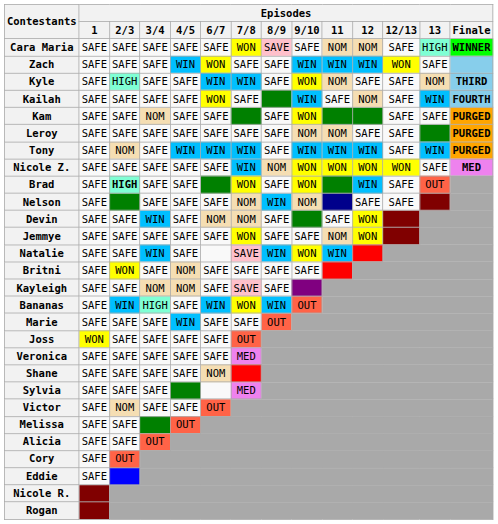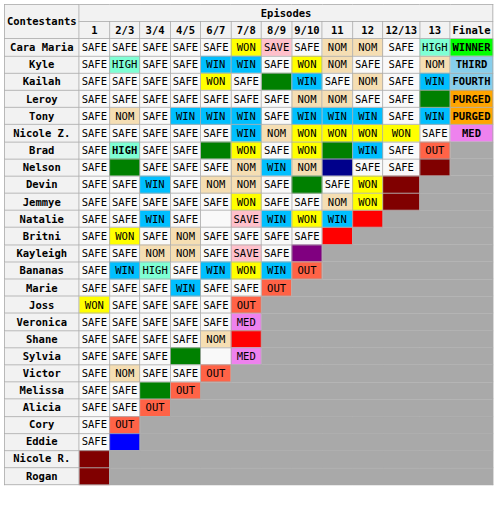 <table class="wikitable" style="text-align:center">
 <tr>
 <th rowspan=2;colspan=2>Contestants</th>
 <th colspan=13>Episodes</th>
 </tr>
 <tr>
 <th>1</th>
 <th>2/3</th>
 <th>3/4</th>
 <th>4/5</th>
 <th>6/7</th>
 <th>7/8</th>
 <th>8/9</th>
 <th>9/10</th>
 <th>11</th>
 <th>12</th>
 <th>12/13</th>
 <th>13</th>
 <th>Finale</th>
 </tr>
 <tr>
 <th nowrap>Cara Maria</th>
 <td>SAFE</td>
 <td>SAFE</td>
 <td>SAFE</td>
 <td>SAFE</td>
 <td>SAFE</td>
 <td bgcolor="yellow">WON</td>
 <td bgcolor="pink">SAVE</td>
 <td>SAFE</td>
 <td bgcolor="wheat">NOM</td>
 <td bgcolor="wheat">NOM</td>
 <td>SAFE</td>
 <td bgcolor="aquamarine">HIGH</td>
 <td bgcolor="lime"><strong>WINNER</strong></td>
 </tr>
 <tr>
-<th>Zach</th>
-<td>SAFE</td>
-<td>SAFE</td>
-<td>SAFE</td>
-<td bgcolor="deepskyblue">WIN</td>
-<td bgcolor="yellow">WON</td>
-<td>SAFE</td>
-<td>SAFE</td>
-<td bgcolor="deepskyblue">WIN</td>
-<td bgcolor="deepskyblue">WIN</td>
-<td bgcolor="deepskyblue">WIN</td>
-<td bgcolor="yellow">WON</td>
-<td>SAFE</td>
-<td bgcolor="skyblue"></td>
-</tr>
-<tr>
 <th>Kyle</th>
 <td>SAFE</td>
 <td bgcolor="aquamarine">HIGH</td>
 <td>SAFE</td>
 <td>SAFE</td>
 <td bgcolor="deepskyblue">WIN</td>
 <td bgcolor="deepskyblue">WIN</td>
 <td>SAFE</td>
 <td bgcolor="yellow">WON</td>
 <td bgcolor="wheat">NOM</td>
 <td>SAFE</td>
 <td>SAFE</td>
 <td bgcolor="wheat">NOM</td>
 <td bgcolor="skyblue"><strong>THIRD</strong></td>
 </tr>
 <tr>
 <th>Kailah</th>
 <td>SAFE</td>
 <td>SAFE</td>
 <td>SAFE</td>
 <td>SAFE</td>
 <td bgcolor="yellow">WON</td>
 <td>SAFE</td>
 <td bgcolor="green"></td>
 <td bgcolor="deepskyblue">WIN</td>
 <td>SAFE</td>
 <td bgcolor="wheat">NOM</td>
 <td>SAFE</td>
 <td bgcolor="deepskyblue">WIN</td>
 <td bgcolor="skyblue"><strong>FOURTH</strong></td>
-</tr>
-<tr>
-<th>Kam</th>
-<td>SAFE</td>
-<td>SAFE</td>
-<td bgcolor="wheat">NOM</td>
-<td>SAFE</td>
-<td>SAFE</td>
-<td bgcolor="green"></td>
-<td>SAFE</td>
-<td bgcolor="yellow">WON</td>
-<td bgcolor="green"></td>
-<td bgcolor="green"></td>
-<td>SAFE</td>
-<td>SAFE</td>
-<td bgcolor="orange"><strong>PURGED</strong></td>
 </tr>
 <tr>
 <th>Leroy</th>
 <td>SAFE</td>
 <td>SAFE</td>
 <td>SAFE</td>
 <td>SAFE</td>
 <td>SAFE</td>
 <td>SAFE</td>
 <td>SAFE</td>
 <td bgcolor="wheat">NOM</td>
 <td bgcolor="wheat">NOM</td>
 <td>SAFE</td>
 <td>SAFE</td>
 <td bgcolor="green"></td>
 <td bgcolor="orange"><strong>PURGED</strong></td>
 </tr>
 <tr>
 <th>Tony</th>
 <td>SAFE</td>
 <td bgcolor="wheat">NOM</td>
 <td>SAFE</td>
 <td bgcolor="deepskyblue">WIN</td>
 <td bgcolor="deepskyblue">WIN</td>
 <td bgcolor="deepskyblue">WIN</td>
 <td>SAFE</td>
 <td bgcolor="deepskyblue">WIN</td>
 <td bgcolor="deepskyblue">WIN</td>
 <td bgcolor="deepskyblue">WIN</td>
 <td>SAFE</td>
 <td bgcolor="deepskyblue">WIN</td>
 <td bgcolor="orange"><strong>PURGED</strong></td>
 </tr>
 <tr>
 <th>Nicole Z.</th>
 <td>SAFE</td>
 <td>SAFE</td>
 <td>SAFE</td>
 <td>SAFE</td>
 <td>SAFE</td>
 <td bgcolor="deepskyblue">WIN</td>
 <td bgcolor="wheat">NOM</td>
 <td bgcolor="yellow">WON</td>
 <td bgcolor="yellow">WON</td>
 <td bgcolor="yellow">WON</td>
 <td bgcolor="yellow">WON</td>
 <td>SAFE</td>
 <td bgcolor="violet"><strong>MED</strong></td>
 </tr>
 <tr>
 <th>Brad</th>
 <td>SAFE</td>
 <td bgcolor="aquamarine"><strong>HIGH</strong></td>
 <td>SAFE</td>
 <td>SAFE</td>
 <td bgcolor="green"></td>
 <td bgcolor="yellow">WON</td>
 <td>SAFE</td>
 <td bgcolor="yellow">WON</td>
 <td bgcolor="green"></td>
 <td bgcolor="deepskyblue">WIN</td>
 <td>SAFE</td>
 <td bgcolor="tomato">OUT</td>
 <td bgcolor="darkgray"></td>
 </tr>
 <tr>
 <th>Nelson</th>
 <td>SAFE</td>
 <td bgcolor="green"></td>
 <td>SAFE</td>
 <td>SAFE</td>
 <td>SAFE</td>
 <td bgcolor="wheat">NOM</td>
 <td bgcolor="deepskyblue">WIN</td>
 <td bgcolor="wheat">NOM</td>
 <td bgcolor="darkblue"></td>
 <td>SAFE</td>
 <td>SAFE</td>
 <td bgcolor="maroon"></td>
 <td bgcolor="darkgray"></td>
 </tr>
 <tr>
 <th>Devin</th>
 <td>SAFE</td>
 <td>SAFE</td>
 <td bgcolor="deepskyblue">WIN</td>
 <td>SAFE</td>
 <td bgcolor="wheat">NOM</td>
 <td bgcolor="wheat">NOM</td>
 <td>SAFE</td>
 <td bgcolor="green"></td>
 <td>SAFE</td>
 <td bgcolor="yellow">WON</td>
 <td bgcolor="maroon"></td>
 <td bgcolor="darkgray" colspan=2></td>
 </tr>
 <tr>
 <th>Jemmye</th>
 <td>SAFE</td>
 <td>SAFE</td>
 <td>SAFE</td>
 <td>SAFE</td>
 <td>SAFE</td>
 <td bgcolor="yellow">WON</td>
 <td>SAFE</td>
 <td>SAFE</td>
 <td bgcolor="wheat">NOM</td>
 <td bgcolor="yellow">WON</td>
 <td bgcolor="maroon"></td>
 <td bgcolor="darkgray" colspan=2></td>
 </tr>
 <tr>
 <th>Natalie</th>
 <td>SAFE</td>
 <td>SAFE</td>
 <td bgcolor="deepskyblue">WIN</td>
 <td>SAFE</td>
 <td></td>
 <td bgcolor="pink">SAVE</td>
 <td bgcolor="deepskyblue">WIN</td>
 <td bgcolor="yellow">WON</td>
 <td bgcolor="deepskyblue">WIN</td>
 <td bgcolor="red"></td>
 <td bgcolor="darkgray" colspan=3></td>
 </tr>
 <tr>
 <th>Britni</th>
 <td>SAFE</td>
 <td bgcolor="yellow">WON</td>
 <td>SAFE</td>
 <td bgcolor="wheat">NOM</td>
 <td>SAFE</td>
 <td>SAFE</td>
 <td>SAFE</td>
 <td>SAFE</td>
 <td bgcolor="red"></td>
 <td bgcolor="darkgray" colspan="4"></td>
 </tr>
 <tr>
 <th>Kayleigh</th>
 <td>SAFE</td>
 <td>SAFE</td>
 <td bgcolor="wheat">NOM</td>
 <td bgcolor="wheat">NOM</td>
 <td>SAFE</td>
 <td bgcolor="pink">SAVE</td>
 <td>SAFE</td>
 <td bgcolor="purple"></td>
 <td bgcolor="darkgray" colspan="5"></td>
 </tr>
 <tr>
 <th>Bananas</th>
 <td>SAFE</td>
 <td bgcolor="deepskyblue">WIN</td>
 <td bgcolor="aquamarine">HIGH</td>
 <td>SAFE</td>
 <td bgcolor="deepskyblue">WIN</td>
 <td bgcolor="yellow">WON</td>
 <td bgcolor="deepskyblue">WIN</td>
 <td bgcolor="tomato">OUT</td>
 <td bgcolor="darkgray" colspan="5"></td>
 </tr>
 <tr>
 <th>Marie</th>
 <td>SAFE</td>
 <td>SAFE</td>
 <td>SAFE</td>
 <td bgcolor="deepskyblue">WIN</td>
 <td>SAFE</td>
 <td>SAFE</td>
 <td bgcolor="tomato">OUT</td>
 <td bgcolor="darkgray" colspan="6"></td>
 </tr>
 <tr>
 <th>Joss</th>
 <td bgcolor="yellow">WON</td>
 <td>SAFE</td>
 <td>SAFE</td>
 <td>SAFE</td>
 <td>SAFE</td>
 <td bgcolor="tomato">OUT</td>
 <td bgcolor="darkgray" colspan="7"></td>
 </tr>
 <tr>
 <th>Veronica</th>
 <td>SAFE</td>
 <td>SAFE</td>
 <td>SAFE</td>
 <td>SAFE</td>
 <td>SAFE</td>
 <td bgcolor="violet">MED</td>
 <td bgcolor="darkgray" colspan=7></td>
 </tr>
 <tr>
 <th>Shane</th>
 <td>SAFE</td>
 <td>SAFE</td>
 <td>SAFE</td>
 <td>SAFE</td>
 <td bgcolor="wheat">NOM</td>
 <td bgcolor="red"></td>
 <td bgcolor="darkgray" colspan=7></td>
 </tr>
 <tr>
 <th>Sylvia</th>
 <td>SAFE</td>
 <td>SAFE</td>
 <td>SAFE</td>
 <td bgcolor="green"></td>
 <td></td>
 <td bgcolor="violet">MED</td>
 <td bgcolor="darkgray" colspan=7></td>
 </tr>
 <tr>
 <th>Victor</th>
 <td>SAFE</td>
 <td bgcolor="wheat">NOM</td>
 <td>SAFE</td>
 <td>SAFE</td>
 <td bgcolor="tomato">OUT</td>
 <td bgcolor="darkgray" colspan=8></td>
 </tr>
 <tr>
 <th>Melissa</th>
 <td>SAFE</td>
 <td>SAFE</td>
 <td bgcolor="green"></td>
 <td bgcolor="tomato">OUT</td>
 <td bgcolor="darkgray" colspan=9></td>
 </tr>
 <tr>
 <th>Alicia</th>
 <td>SAFE</td>
 <td>SAFE</td>
 <td bgcolor="tomato">OUT</td>
 <td bgcolor="darkgray" colspan=10></td>
 </tr>
 <tr>
 <th>Cory</th>
 <td>SAFE</td>
 <td bgcolor="tomato">OUT</td>
 <td bgcolor="darkgray" colspan=11></td>
 </tr>
 <tr>
 <th>Eddie</th>
 <td>SAFE</td>
 <td bgcolor="blue"></td>
 <td bgcolor="darkgray" colspan=11></td>
 </tr>
 <tr>
 <th>Nicole R.</th>
 <td bgcolor="maroon"></td>
 <td bgcolor="darkgray" colspan=12></td>
 </tr>
 <tr>
 <th>Rogan</th>
 <td bgcolor="maroon"></td>
 <td bgcolor="darkgray" colspan=12></td>
 </tr>
 </table>
